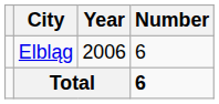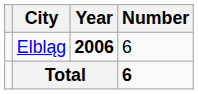 <table class="wikitable">
 <tr>
 <th></th>
 <th>City</th>
 <th>Year</th>
 <th>Number</th>
 </tr>
 <tr>
 <td></td>
 <td><a href='#'>Elbląg</a></td>
-<td>2006</td>
+<td><strong>2006</strong></td>
 <td>6</td>
 </tr>
 <tr>
 <td></td>
 <th colspan="2"><strong>Total</strong></th>
 <td><strong>6</strong></td>
 </tr>
 </table>
